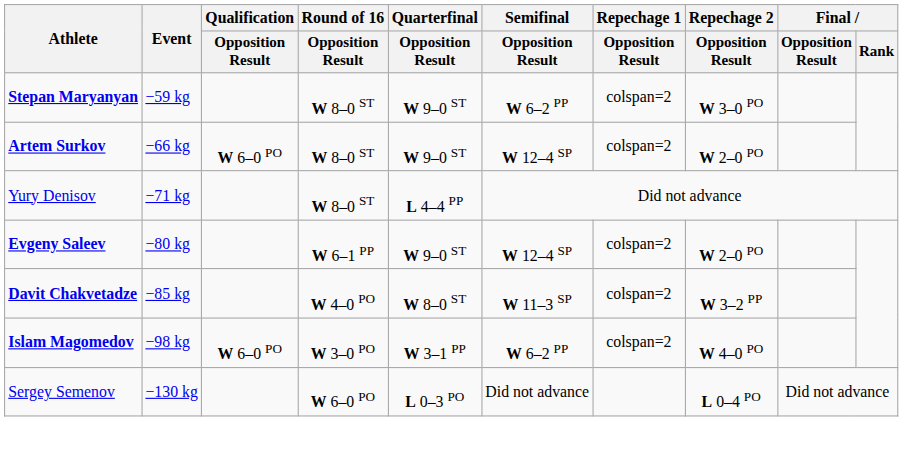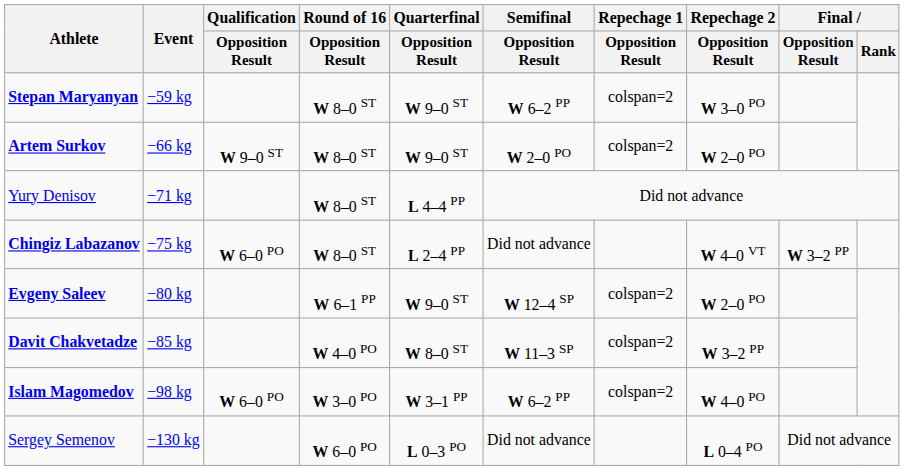 <table class="wikitable" style="text-align:center; font-size:90%">
 <tr>
 <th rowspan=2>Athlete</th>
 <th rowspan=2>Event</th>
 <th>Qualification</th>
 <th>Round of 16</th>
 <th>Quarterfinal</th>
 <th>Semifinal</th>
 <th>Repechage 1</th>
 <th>Repechage 2</th>
 <th colspan=2>Final / </th>
 </tr>
 <tr style="font-size: 95%">
 <th>Opposition<br>Result</th>
 <th>Opposition<br>Result</th>
 <th>Opposition<br>Result</th>
 <th>Opposition<br>Result</th>
 <th>Opposition<br>Result</th>
 <th>Opposition<br>Result</th>
 <th>Opposition<br>Result</th>
 <th>Rank</th>
 </tr>
 <tr>
 <td align=left><strong><a href='#'>Stepan Maryanyan</a></strong></td>
 <td align=left><a href='#'>−59 kg</a></td>
 <td></td>
 <td><br><strong>W</strong> 8–0 <sup>ST</sup></td>
 <td><br><strong>W</strong> 9–0 <sup>ST</sup></td>
 <td><br><strong>W</strong> 6–2 <sup>PP</sup></td>
 <td>colspan=2 </td>
 <td><br><strong>W</strong> 3–0 <sup>PO</sup></td>
 <td></td>
 </tr>
 <tr>
 <td align=left><strong><a href='#'>Artem Surkov</a></strong></td>
 <td align=left><a href='#'>−66 kg</a></td>
-<td><br><strong>W</strong> 6–0 <sup>PO</sup></td>
+<td><br><strong>W</strong> 9–0 <sup>ST</sup></td>
 <td><br><strong>W</strong> 8–0 <sup>ST</sup></td>
 <td><br><strong>W</strong> 9–0 <sup>ST</sup></td>
-<td><br><strong>W</strong> 12–4 <sup>SP</sup></td>
+<td><br><strong>W</strong> 2–0 <sup>PO</sup></td>
 <td>colspan=2 </td>
 <td><br><strong>W</strong> 2–0 <sup>PO</sup></td>
 <td></td>
 </tr>
 <tr>
 <td align=left><a href='#'>Yury Denisov</a></td>
 <td align=left><a href='#'>−71 kg</a></td>
 <td></td>
 <td><br><strong>W</strong> 8–0 <sup>ST</sup></td>
 <td><br><strong>L</strong> 4–4 <sup>PP</sup></td>
 <td colspan=5>Did not advance</td>
+</tr>
+<tr>
+<td align=left><strong><a href='#'>Chingiz Labazanov</a></strong></td>
+<td align=left><a href='#'>−75 kg</a></td>
+<td><br><strong>W</strong> 6–0 <sup>PO</sup></td>
+<td><br><strong>W</strong> 8–0 <sup>ST</sup></td>
+<td><br><strong>L</strong> 2–4 <sup>PP</sup></td>
+<td>Did not advance</td>
+<td></td>
+<td><br><strong>W</strong> 4–0 <sup>VT</sup></td>
+<td><br><strong>W</strong> 3–2 <sup>PP</sup></td>
+<td></td>
 </tr>
 <tr>
 <td align=left><strong><a href='#'>Evgeny Saleev</a></strong></td>
 <td align=left><a href='#'>−80 kg</a></td>
 <td></td>
 <td><br><strong>W</strong> 6–1 <sup>PP</sup></td>
 <td><br><strong>W</strong> 9–0 <sup>ST</sup></td>
 <td><br><strong>W</strong> 12–4 <sup>SP</sup></td>
 <td>colspan=2 </td>
 <td><br><strong>W</strong> 2–0 <sup>PO</sup></td>
 <td></td>
 </tr>
 <tr>
 <td align=left><strong><a href='#'>Davit Chakvetadze</a></strong></td>
 <td align=left><a href='#'>−85 kg</a></td>
 <td></td>
 <td><br><strong>W</strong> 4–0 <sup>PO</sup></td>
 <td><br><strong>W</strong> 8–0 <sup>ST</sup></td>
 <td><br><strong>W</strong> 11–3 <sup>SP</sup></td>
 <td>colspan=2 </td>
 <td><br><strong>W</strong> 3–2 <sup>PP</sup></td>
 <td></td>
 </tr>
 <tr>
 <td align=left><strong><a href='#'>Islam Magomedov</a></strong></td>
 <td align=left><a href='#'>−98 kg</a></td>
 <td><br><strong>W</strong> 6–0 <sup>PO</sup></td>
 <td><br><strong>W</strong> 3–0 <sup>PO</sup></td>
 <td><br><strong>W</strong> 3–1 <sup>PP</sup></td>
 <td><br><strong>W</strong> 6–2 <sup>PP</sup></td>
 <td>colspan=2 </td>
 <td><br><strong>W</strong> 4–0 <sup>PO</sup></td>
 <td></td>
 </tr>
 <tr>
 <td align=left><a href='#'>Sergey Semenov</a></td>
 <td align=left><a href='#'>−130 kg</a></td>
 <td></td>
 <td><br><strong>W</strong> 6–0 <sup>PO</sup></td>
 <td><br><strong>L</strong> 0–3 <sup>PO</sup></td>
 <td>Did not advance</td>
 <td></td>
 <td><br><strong>L</strong> 0–4 <sup>PO</sup></td>
 <td colspan=2>Did not advance</td>
 </tr>
 </table>
